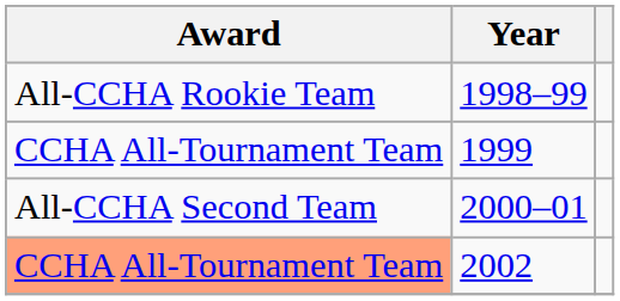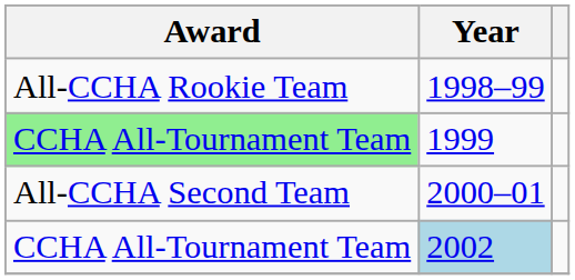 <table class="wikitable">
 <tr>
 <th>Award</th>
 <th>Year</th>
 <th></th>
 </tr>
 <tr>
 <td>All-<a href='#'>CCHA</a> <a href='#'>Rookie Team</a></td>
 <td><a href='#'>1998–99</a></td>
 <td></td>
 </tr>
 <tr>
-<td><a href='#'>CCHA</a> <a href='#'>All-Tournament Team</a></td>
+<td style="background: lightgreen;"><a href='#'>CCHA</a> <a href='#'>All-Tournament Team</a></td>
 <td><a href='#'>1999</a></td>
 <td></td>
 </tr>
 <tr>
 <td>All-<a href='#'>CCHA</a> <a href='#'>Second Team</a></td>
 <td><a href='#'>2000–01</a></td>
 <td></td>
 </tr>
 <tr>
-<td style="background: lightsalmon;"><a href='#'>CCHA</a> <a href='#'>All-Tournament Team</a></td>
-<td><a href='#'>2002</a></td>
+<td><a href='#'>CCHA</a> <a href='#'>All-Tournament Team</a></td>
+<td style="background: lightblue;"><a href='#'>2002</a></td>
 <td></td>
 </tr>
 <tr>
 </tr>
 </table>
